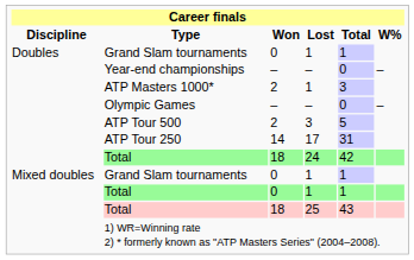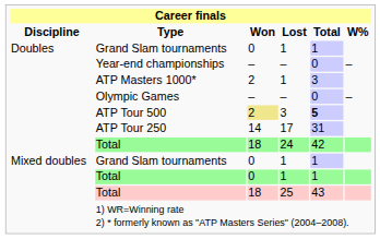 <table class="infobox vcard vevent" style="width:40%;">
 <tr bgcolor=FFFF99>
 <th colspan=6>Career finals</th>
 </tr>
 <tr>
 <th>Discipline</th>
 <th>Type</th>
 <th>Won</th>
 <th>Lost</th>
 <th>Total</th>
 <th>W%</th>
 </tr>
 <tr>
 <td rowspan=7>Doubles</td>
 <td>Grand Slam tournaments</td>
 <td>0</td>
 <td>1</td>
 <td bgcolor=CCCCFF>1</td>
 <td></td>
 </tr>
 <tr>
 <td>Year-end championships</td>
 <td>–</td>
 <td>–</td>
 <td bgcolor=CCCCFF>0</td>
 <td>–</td>
 </tr>
 <tr>
 <td>ATP Masters 1000*</td>
 <td>2</td>
 <td>1</td>
 <td bgcolor=CCCCFF>3</td>
 <td></td>
 </tr>
 <tr>
 <td>Olympic Games</td>
 <td>–</td>
 <td>–</td>
 <td bgcolor=CCCCFF>0</td>
 <td>–</td>
 </tr>
 <tr>
 <td>ATP Tour 500</td>
-<td>2</td>
+<td style="background: khaki;">2</td>
 <td>3</td>
-<td bgcolor=CCCCFF>5</td>
+<td bgcolor=CCCCFF><strong>5</strong></td>
 <td></td>
 </tr>
 <tr>
 <td>ATP Tour 250</td>
 <td>14</td>
 <td>17</td>
 <td bgcolor=CCCCFF>31</td>
 <td></td>
 </tr>
 <tr bgcolor=98fb98>
 <td>Total</td>
 <td>18</td>
 <td>24</td>
 <td>42</td>
 <td></td>
 </tr>
 <tr>
 <td rowspan=6>Mixed doubles</td>
 <td>Grand Slam tournaments</td>
 <td>0</td>
 <td>1</td>
 <td bgcolor=CCCCFF>1</td>
 <td></td>
 </tr>
 <tr bgcolor=98FB98>
 <td>Total</td>
 <td>0</td>
 <td>1</td>
 <td>1</td>
 <td></td>
 </tr>
 <tr bgcolor=FFCCCC>
 <td colspan=1>Total</td>
 <td>18</td>
 <td>25</td>
 <td>43</td>
 <td></td>
 </tr>
 <tr>
 <td colspan=6><small>1) WR=Winning rate <br>2) * formerly known as "ATP Masters Series" (2004–2008).</small></td>
 </tr>
 </table>
